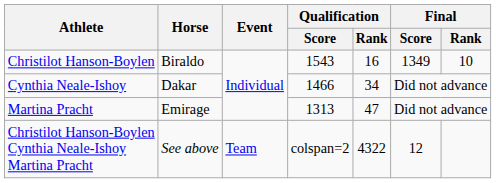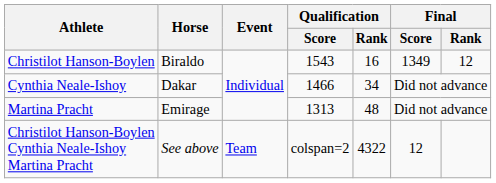 <table class=wikitable style="font-size:90%">
 <tr>
 <th rowspan="2">Athlete</th>
 <th rowspan="2">Horse</th>
 <th rowspan="2">Event</th>
 <th colspan="2">Qualification</th>
 <th colspan="2">Final</th>
 </tr>
 <tr style="font-size:95%">
 <th>Score</th>
 <th>Rank</th>
 <th>Score</th>
 <th>Rank</th>
 </tr>
 <tr align=center>
 <td align=left><a href='#'>Christilot Hanson-Boylen</a></td>
 <td align=left>Biraldo</td>
 <td align=left rowspan=3><a href='#'>Individual</a></td>
 <td>1543</td>
 <td>16</td>
 <td>1349</td>
-<td>10</td>
+<td>12</td>
 </tr>
 <tr align=center>
 <td align=left><a href='#'>Cynthia Neale-Ishoy</a></td>
 <td align=left>Dakar</td>
 <td>1466</td>
 <td>34</td>
 <td colspan=2>Did not advance</td>
 </tr>
 <tr align=center>
 <td align=left><a href='#'>Martina Pracht</a></td>
 <td align=left>Emirage</td>
 <td>1313</td>
-<td>47</td>
+<td>48</td>
 <td colspan=2>Did not advance</td>
 </tr>
 <tr align=center>
 <td align=left><a href='#'>Christilot Hanson-Boylen</a><br><a href='#'>Cynthia Neale-Ishoy</a><br><a href='#'>Martina Pracht</a></td>
 <td align=left><em>See above</em></td>
 <td align=left><a href='#'>Team</a></td>
 <td>colspan=2</td>
 <td>4322</td>
 <td>12</td>
 </tr>
 </table>
